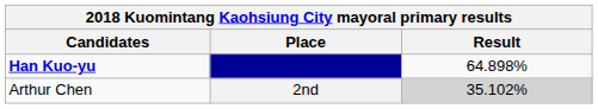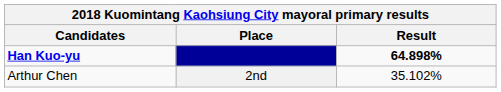 <table class="wikitable collapsible">
 <tr>
 <th colspan="5" width=600>2018 Kuomintang <a href='#'>Kaohsiung City</a> mayoral primary results</th>
 </tr>
 <tr>
 <th width=80>Candidates</th>
 <th width=80>Place</th>
 <th width=80>Result</th>
 </tr>
 <tr>
 <td><strong><a href='#'>Han Kuo-yu</a></strong></td>
 <td style="background: #000099; text-align:center"><strong></strong></td>
-<td style="text-align:center">64.898%</td>
+<td style="text-align:center"><strong>64.898%</strong></td>
 </tr>
 <tr>
 <td>Arthur Chen</td>
 <td style="background: #f1f1f1; text-align:center">2nd</td>
-<td style="background: lightgrey; text-align:center">35.102%</td>
+<td style="text-align:center">35.102%</td>
 </tr>
 </table>
